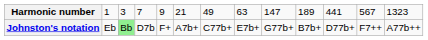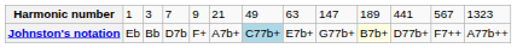 <table class="wikitable">
 <tr>
 <th>Harmonic number</th>
 <td>1</td>
 <td>3</td>
 <td>7</td>
 <td>9</td>
 <td>21</td>
 <td>49</td>
 <td>63</td>
 <td>147</td>
 <td>189</td>
 <td>441</td>
 <td>567</td>
 <td>1323</td>
 </tr>
 <tr>
 <th><a href='#'>Johnston's notation</a></th>
 <td>Eb</td>
-<td style="background: lightgreen;">Bb</td>
+<td>Bb</td>
 <td>D7b</td>
 <td>F+</td>
 <td>A7b+</td>
-<td>C77b+</td>
+<td style="background: lightblue;">C77b+</td>
 <td>E7b+</td>
 <td>G77b+</td>
-<td>B7b+</td>
+<td style="background: lightyellow;">B7b+</td>
 <td>D77b+</td>
 <td>F7++</td>
 <td>A77b++</td>
 </tr>
 </table>
